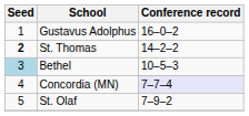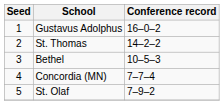 <table class="wikitable">
 <tr>
 <th>Seed</th>
 <th>School</th>
 <th>Conference record</th>
 </tr>
 <tr>
 <td align=center>1</td>
 <td>Gustavus Adolphus</td>
 <td>16–0–2</td>
 </tr>
 <tr>
-<td align=center><strong>2</strong></td>
+<td align=center>2</td>
 <td>St. Thomas</td>
 <td>14–2–2</td>
 </tr>
 <tr>
-<td align=center style="background: lightblue;">3</td>
+<td align=center>3</td>
 <td>Bethel</td>
 <td>10–5–3</td>
 </tr>
 <tr>
 <td align=center>4</td>
 <td>Concordia (MN)</td>
-<td style="background: lavender;">7–7–4</td>
+<td>7–7–4</td>
 </tr>
 <tr>
 <td align=center>5</td>
 <td>St. Olaf</td>
 <td>7–9–2</td>
 </tr>
 <tr>
 </tr>
 </table>
